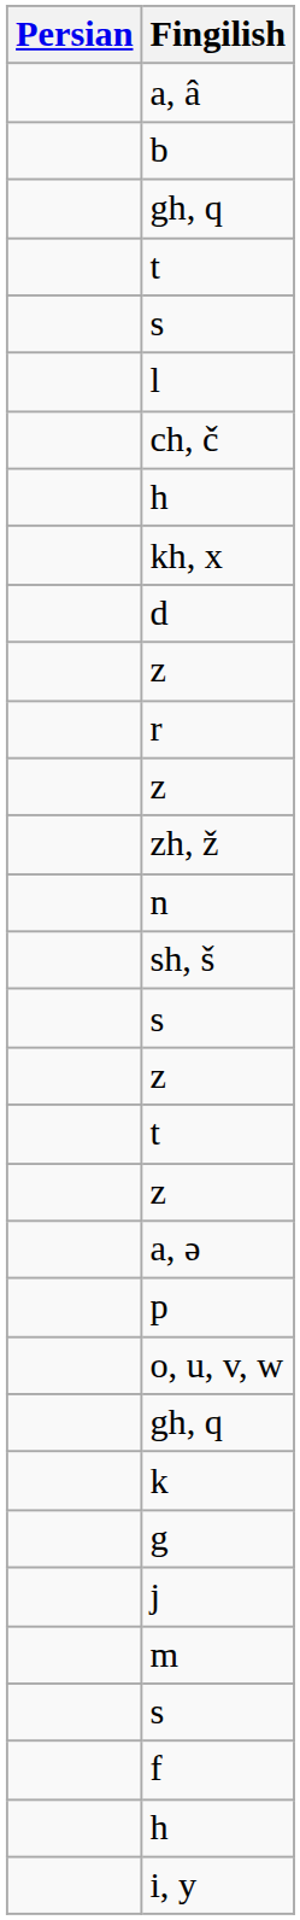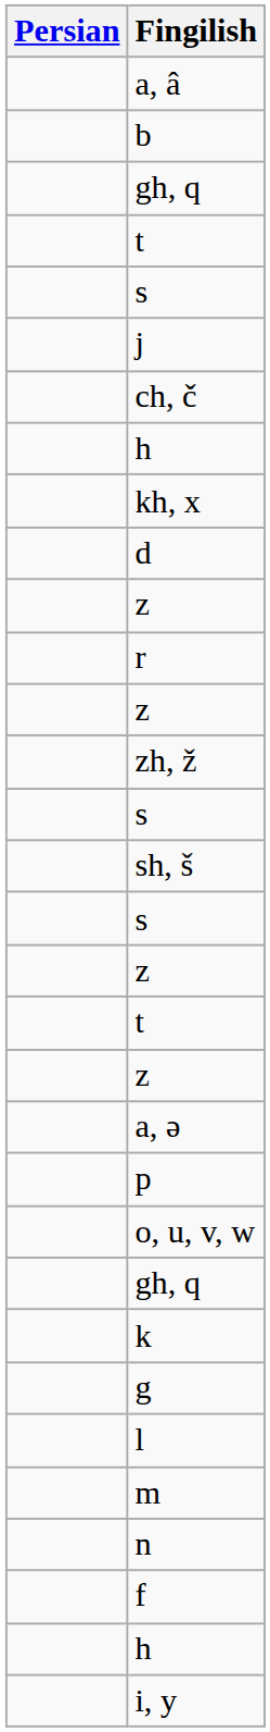 <table class="wikitable" style="margin: auto; float:right;">
 <tr>
 <th><a href='#'>Persian</a></th>
 <th>Fingilish</th>
 </tr>
 <tr>
 <td><span></span></td>
 <td>a, â</td>
 </tr>
 <tr>
 <td><span></span></td>
 <td>b</td>
 </tr>
 <tr>
 <td><span></span></td>
 <td>gh, q</td>
 </tr>
 <tr>
 <td><span></span></td>
 <td>t</td>
 </tr>
 <tr>
 <td><span></span></td>
 <td>s</td>
 </tr>
 <tr>
 <td><span></span></td>
-<td>l</td>
+<td>j</td>
 </tr>
 <tr>
 <td><span></span></td>
 <td>ch, č</td>
 </tr>
 <tr>
 <td><span></span></td>
 <td>h</td>
 </tr>
 <tr>
 <td><span></span></td>
 <td>kh, x</td>
 </tr>
 <tr>
 <td><span></span></td>
 <td>d</td>
 </tr>
 <tr>
 <td><span></span></td>
 <td>z</td>
 </tr>
 <tr>
 <td><span></span></td>
 <td>r</td>
 </tr>
 <tr>
 <td><span></span></td>
 <td>z</td>
 </tr>
 <tr>
 <td><span></span></td>
 <td>zh, ž</td>
 </tr>
 <tr>
 <td><span></span></td>
-<td>n</td>
+<td>s</td>
 </tr>
 <tr>
 <td><span></span></td>
 <td>sh, š</td>
 </tr>
 <tr>
 <td><span></span></td>
 <td>s</td>
 </tr>
 <tr>
 <td><span></span></td>
 <td>z</td>
 </tr>
 <tr>
 <td><span></span></td>
 <td>t</td>
 </tr>
 <tr>
 <td><span></span></td>
 <td>z</td>
 </tr>
 <tr>
 <td><span></span></td>
 <td>a, ə</td>
 </tr>
 <tr>
 <td><span></span></td>
 <td>p</td>
 </tr>
 <tr>
 <td><span></span></td>
 <td>o, u, v, w</td>
 </tr>
 <tr>
 <td><span></span></td>
 <td>gh, q</td>
 </tr>
 <tr>
 <td><span></span></td>
 <td>k</td>
 </tr>
 <tr>
 <td><span></span></td>
 <td>g</td>
 </tr>
 <tr>
 <td><span></span></td>
-<td>j</td>
+<td>l</td>
 </tr>
 <tr>
 <td><span></span></td>
 <td>m</td>
 </tr>
 <tr>
 <td><span></span></td>
-<td>s</td>
+<td>n</td>
 </tr>
 <tr>
 <td><span></span></td>
 <td>f</td>
 </tr>
 <tr>
 <td><span></span></td>
 <td>h</td>
 </tr>
 <tr>
 <td><span></span></td>
 <td>i, y</td>
 </tr>
 </table>
